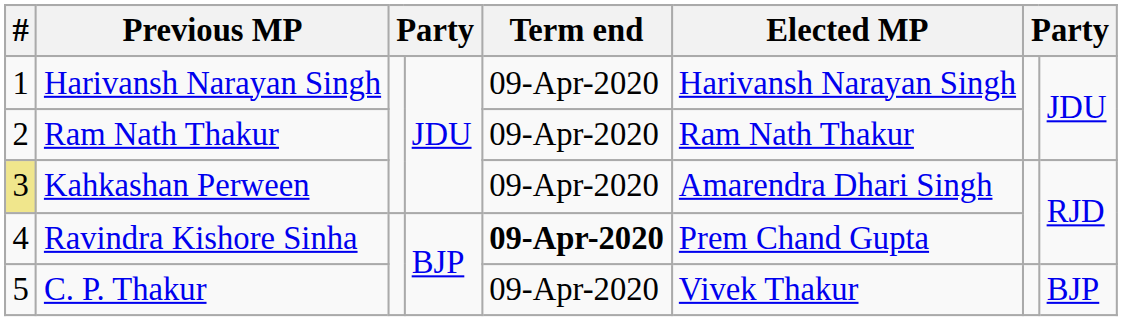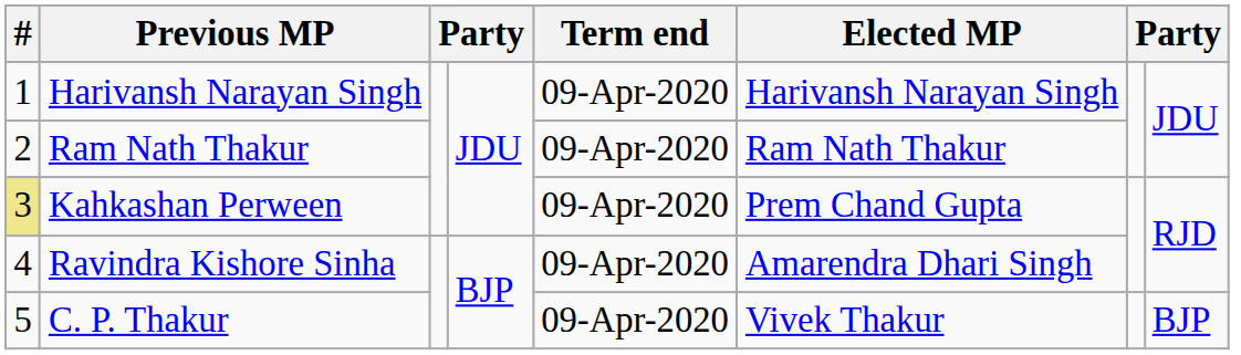 <table class="wikitable sortable">
 <tr>
 <th>#</th>
 <th>Previous MP</th>
 <th colspan="2">Party</th>
 <th>Term end</th>
 <th>Elected MP</th>
 <th colspan="2">Party</th>
 </tr>
 <tr>
 <td>1</td>
 <td><a href='#'>Harivansh Narayan Singh</a></td>
 <td rowspan=3></td>
 <td rowspan="3"><a href='#'>JDU</a></td>
 <td>09-Apr-2020</td>
 <td><a href='#'>Harivansh Narayan Singh</a></td>
 <td rowspan=2></td>
 <td rowspan="2"><a href='#'>JDU</a></td>
 </tr>
 <tr>
 <td>2</td>
 <td><a href='#'>Ram Nath Thakur</a></td>
 <td>09-Apr-2020</td>
 <td><a href='#'>Ram Nath Thakur</a></td>
 </tr>
 <tr>
 <td style="background: khaki;">3</td>
 <td><a href='#'>Kahkashan Perween</a></td>
 <td>09-Apr-2020</td>
-<td><a href='#'>Amarendra Dhari Singh</a></td>
+<td><a href='#'>Prem Chand Gupta</a></td>
 <td rowspan=2></td>
 <td rowspan="2"><a href='#'>RJD</a></td>
 </tr>
 <tr>
 <td>4</td>
 <td><a href='#'>Ravindra Kishore Sinha</a></td>
 <td rowspan=2></td>
 <td rowspan="2"><a href='#'>BJP</a></td>
-<td><strong>09-Apr-2020</strong></td>
-<td><a href='#'>Prem Chand Gupta</a></td>
+<td>09-Apr-2020</td>
+<td><a href='#'>Amarendra Dhari Singh</a></td>
 </tr>
 <tr>
 <td>5</td>
 <td><a href='#'>C. P. Thakur</a></td>
 <td>09-Apr-2020</td>
 <td><a href='#'>Vivek Thakur</a></td>
 <td></td>
 <td><a href='#'>BJP</a></td>
 </tr>
 </table>
